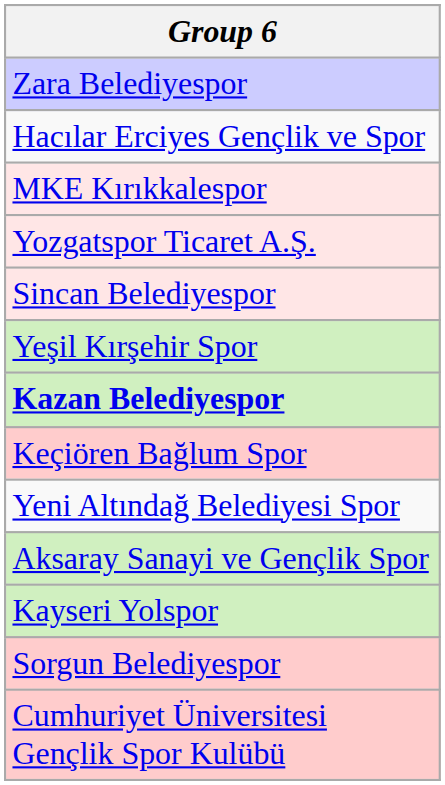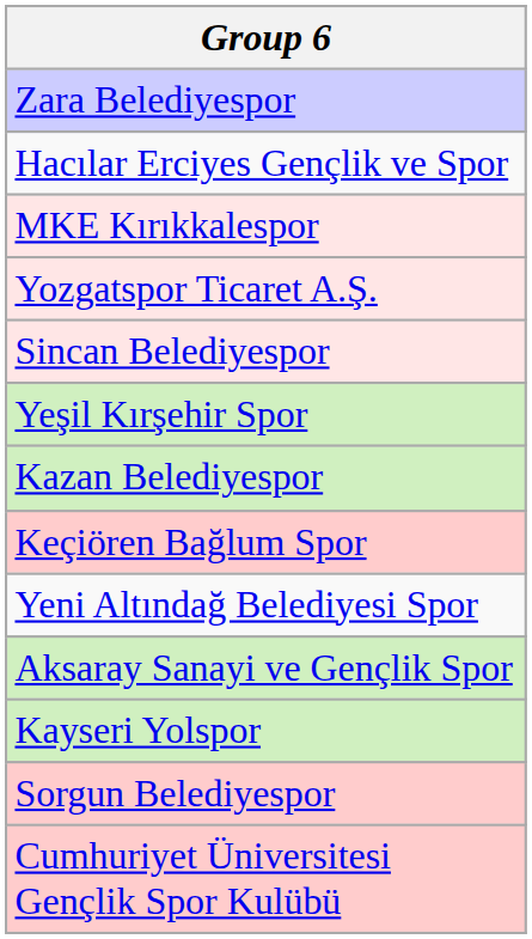 <table class="wikitable collapsible collapsed" style="font-size:95%;">
 <tr>
 <th colspan="1" width="200"><em>Group 6</em></th>
 </tr>
 <tr>
 <td style="background:#ccccff;"><a href='#'>Zara Belediyespor</a></td>
 </tr>
 <tr>
 <td><a href='#'>Hacılar Erciyes Gençlik ve Spor</a></td>
 </tr>
 <tr>
 <td style="background:#FFE6E6;"><a href='#'>MKE Kırıkkalespor</a></td>
 </tr>
 <tr>
 <td style="background:#FFE6E6;"><a href='#'>Yozgatspor Ticaret A.Ş.</a></td>
 </tr>
 <tr>
 <td style="background:#FFE6E6;"><a href='#'>Sincan Belediyespor</a></td>
 </tr>
 <tr>
 <td style="background:#D0F0C0;"><a href='#'>Yeşil Kırşehir Spor</a></td>
 </tr>
 <tr>
-<td style="background:#D0F0C0;"><strong><a href='#'>Kazan Belediyespor</a></strong></td>
+<td style="background:#D0F0C0;"><a href='#'>Kazan Belediyespor</a></td>
 </tr>
 <tr>
 <td style="background:#fcc;"><a href='#'>Keçiören Bağlum Spor</a></td>
 </tr>
 <tr>
 <td><a href='#'>Yeni Altındağ Belediyesi Spor</a></td>
 </tr>
 <tr>
 <td style="background:#D0F0C0;"><a href='#'>Aksaray Sanayi ve Gençlik Spor</a></td>
 </tr>
 <tr>
 <td style="background:#D0F0C0;"><a href='#'>Kayseri Yolspor</a></td>
 </tr>
 <tr>
 <td style="background:#fcc;"><a href='#'>Sorgun Belediyespor</a></td>
 </tr>
 <tr>
 <td style="background:#fcc;"><a href='#'>Cumhuriyet Üniversitesi Gençlik Spor Kulübü</a></td>
 </tr>
 </table>
